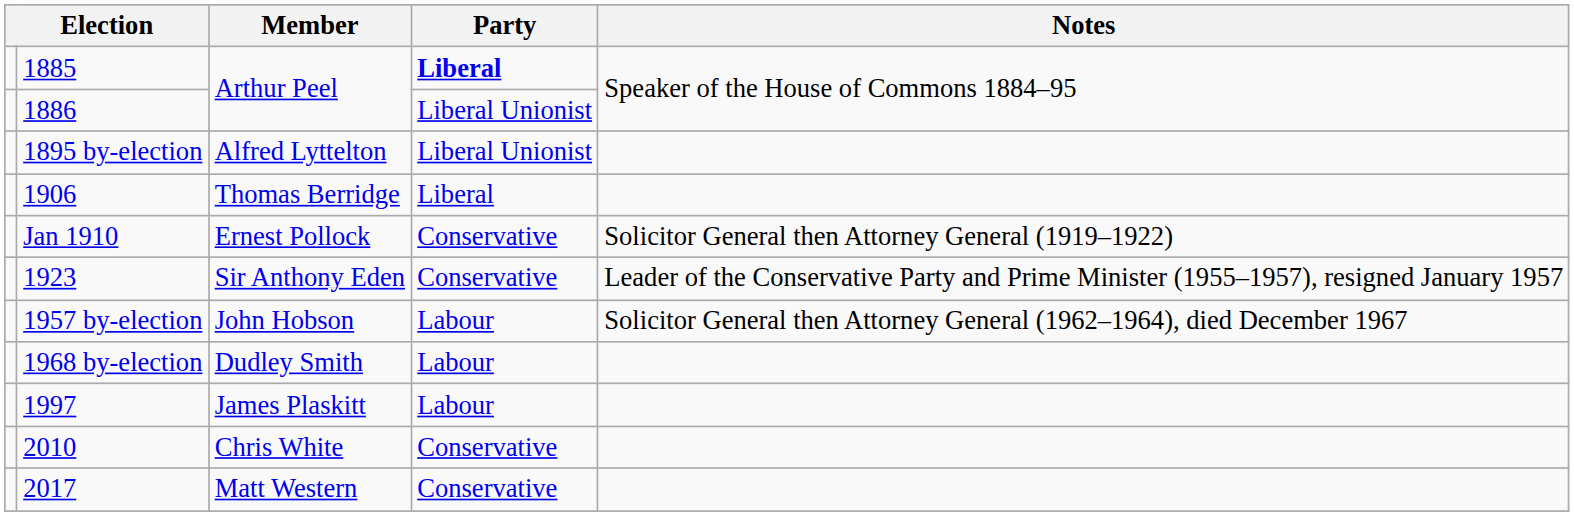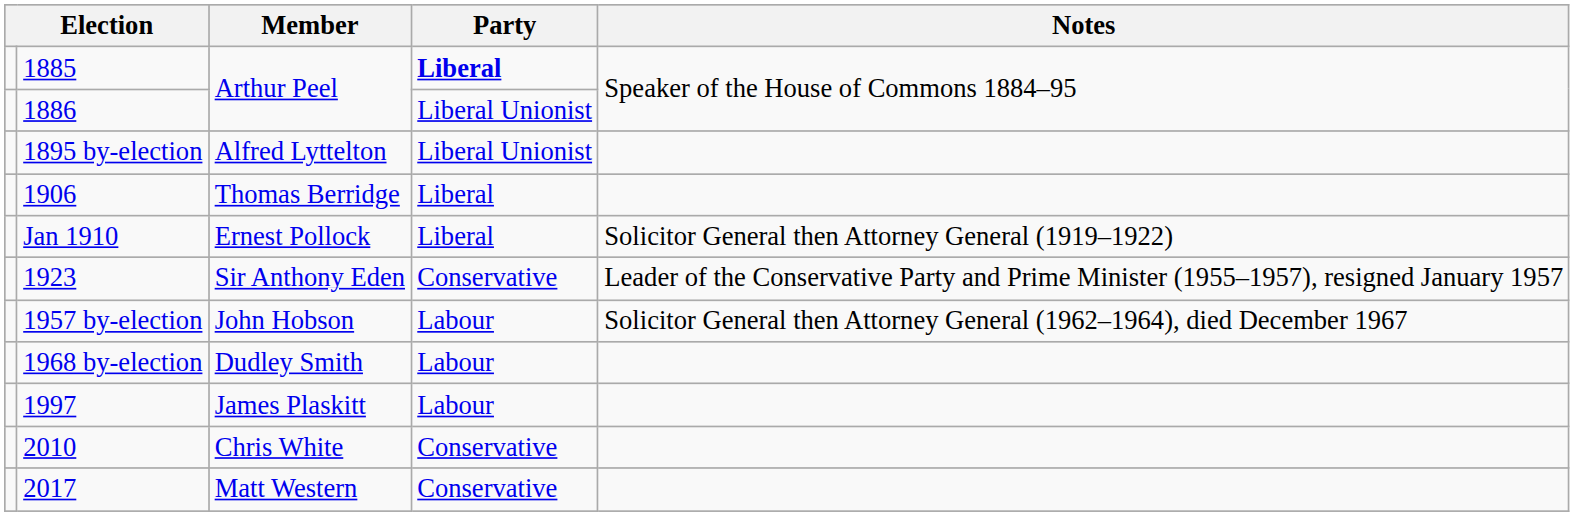 <table class="wikitable">
 <tr>
 <th colspan="2">Election</th>
 <th>Member</th>
 <th>Party</th>
 <th>Notes</th>
 </tr>
 <tr>
 <td style="color:inherit;background-color: "></td>
 <td><a href='#'>1885</a></td>
 <td rowspan="2"><a href='#'>Arthur Peel</a></td>
 <td><strong><a href='#'>Liberal</a></strong></td>
 <td rowspan="2">Speaker of the House of Commons 1884–95</td>
 </tr>
 <tr>
 <td style="color:inherit;background-color: "></td>
 <td><a href='#'>1886</a></td>
 <td><a href='#'>Liberal Unionist</a></td>
 </tr>
 <tr>
 <td style="color:inherit;background-color: "></td>
 <td><a href='#'>1895 by-election</a></td>
 <td><a href='#'>Alfred Lyttelton</a></td>
 <td><a href='#'>Liberal Unionist</a></td>
 <td></td>
 </tr>
 <tr>
 <td style="color:inherit;background-color: "></td>
 <td><a href='#'>1906</a></td>
 <td><a href='#'>Thomas Berridge</a></td>
 <td><a href='#'>Liberal</a></td>
 <td></td>
 </tr>
 <tr>
 <td style="color:inherit;background-color: "></td>
 <td><a href='#'>Jan 1910</a></td>
 <td><a href='#'>Ernest Pollock</a></td>
-<td><a href='#'>Conservative</a></td>
+<td><a href='#'>Liberal</a></td>
 <td>Solicitor General then Attorney General (1919–1922)</td>
 </tr>
 <tr>
 <td style="color:inherit;background-color: "></td>
 <td><a href='#'>1923</a></td>
 <td><a href='#'>Sir Anthony Eden</a></td>
 <td><a href='#'>Conservative</a></td>
 <td>Leader of the Conservative Party and Prime Minister (1955–1957), resigned January 1957</td>
 </tr>
 <tr>
 <td style="color:inherit;background-color: "></td>
 <td><a href='#'>1957 by-election</a></td>
 <td><a href='#'>John Hobson</a></td>
 <td><a href='#'>Labour</a></td>
 <td>Solicitor General then Attorney General (1962–1964), died December 1967</td>
 </tr>
 <tr>
 <td style="color:inherit;background-color: "></td>
 <td><a href='#'>1968 by-election</a></td>
 <td><a href='#'>Dudley Smith</a></td>
 <td><a href='#'>Labour</a></td>
 <td></td>
 </tr>
 <tr>
 <td style="color:inherit;background-color: "></td>
 <td><a href='#'>1997</a></td>
 <td><a href='#'>James Plaskitt</a></td>
 <td><a href='#'>Labour</a></td>
 <td></td>
 </tr>
 <tr>
 <td style="color:inherit;background-color: "></td>
 <td><a href='#'>2010</a></td>
 <td><a href='#'>Chris White</a></td>
 <td><a href='#'>Conservative</a></td>
 <td></td>
 </tr>
 <tr>
 <td style="color:inherit;background-color: "></td>
 <td><a href='#'>2017</a></td>
 <td><a href='#'>Matt Western</a></td>
 <td><a href='#'>Conservative</a></td>
 <td></td>
 </tr>
 </table>
